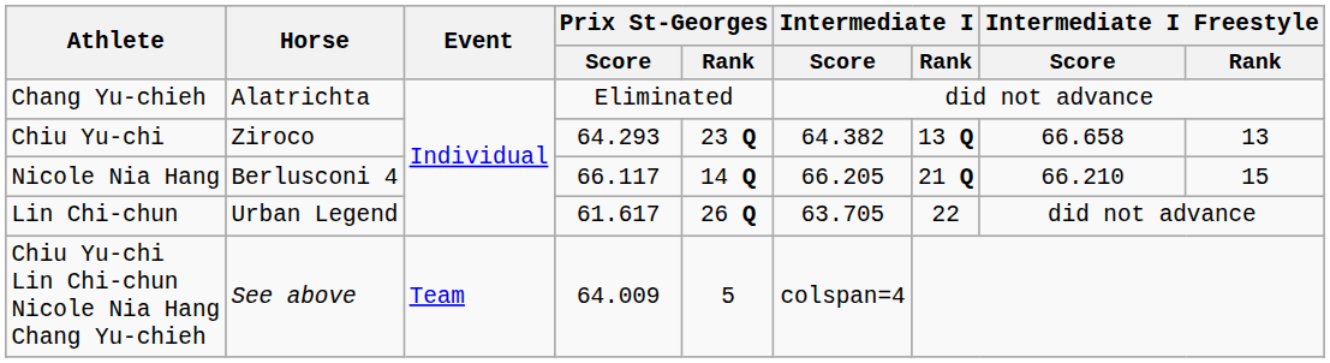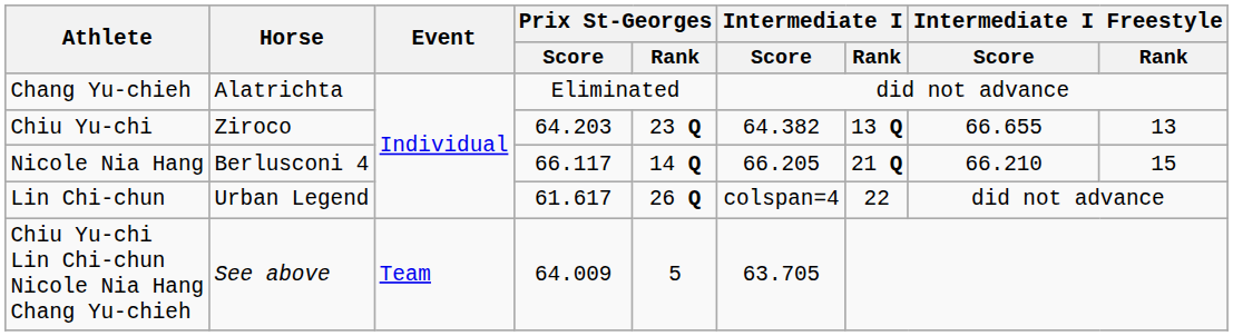 <table class=wikitable style=font-size:90%;text-align:center>
 <tr>
 <th rowspan="2">Athlete</th>
 <th rowspan="2">Horse</th>
 <th rowspan="2">Event</th>
 <th colspan="2">Prix St-Georges</th>
 <th colspan="2">Intermediate I</th>
 <th colspan="2">Intermediate I Freestyle</th>
 </tr>
 <tr style="font-size:95%">
 <th>Score</th>
 <th>Rank</th>
 <th>Score</th>
 <th>Rank</th>
 <th>Score</th>
 <th>Rank</th>
 </tr>
 <tr>
 <td align=left>Chang Yu-chieh</td>
 <td align=left>Alatrichta</td>
 <td rowspan=4 align=left><a href='#'>Individual</a></td>
 <td colspan=2>Eliminated</td>
 <td colspan=4>did not advance</td>
 </tr>
 <tr>
 <td align=left>Chiu Yu-chi</td>
 <td align=left>Ziroco</td>
-<td>64.293</td>
+<td>64.203</td>
 <td>23 <strong>Q</strong></td>
 <td>64.382</td>
 <td>13 <strong>Q</strong></td>
-<td>66.658</td>
+<td>66.655</td>
 <td>13</td>
 </tr>
 <tr>
 <td align=left>Nicole Nia Hang</td>
 <td align=left>Berlusconi 4</td>
 <td>66.117</td>
 <td>14 <strong>Q</strong></td>
 <td>66.205</td>
 <td>21 <strong>Q</strong></td>
 <td>66.210</td>
 <td>15</td>
 </tr>
 <tr>
 <td align=left>Lin Chi-chun</td>
 <td align=left>Urban Legend</td>
 <td>61.617</td>
 <td>26 <strong>Q</strong></td>
-<td>63.705</td>
+<td>colspan=4 </td>
 <td>22</td>
 <td colspan=2>did not advance</td>
 </tr>
 <tr>
 <td align=left>Chiu Yu-chi<br>Lin Chi-chun<br>Nicole Nia Hang<br>Chang Yu-chieh</td>
 <td align=left><em>See above</em></td>
 <td align=left><a href='#'>Team</a></td>
 <td>64.009</td>
 <td>5</td>
-<td>colspan=4 </td>
+<td>63.705</td>
 </tr>
 </table>
